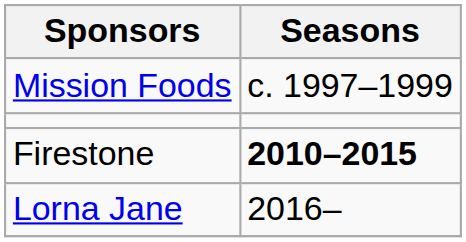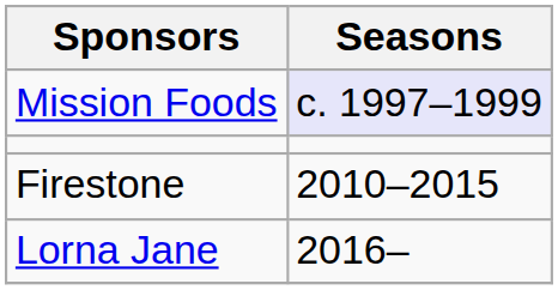 <table class="wikitable collapsible">
 <tr>
 <th>Sponsors</th>
 <th>Seasons</th>
 </tr>
 <tr>
 <td><a href='#'>Mission Foods</a></td>
-<td>c. 1997–1999</td>
+<td style="background: lavender;">c. 1997–1999</td>
 </tr>
 <tr>
 <td></td>
 </tr>
 <tr>
 <td>Firestone</td>
-<td><strong>2010–2015</strong></td>
+<td>2010–2015</td>
 </tr>
 <tr>
 <td><a href='#'>Lorna Jane</a></td>
 <td>2016–</td>
 </tr>
 <tr>
 </tr>
 </table>
